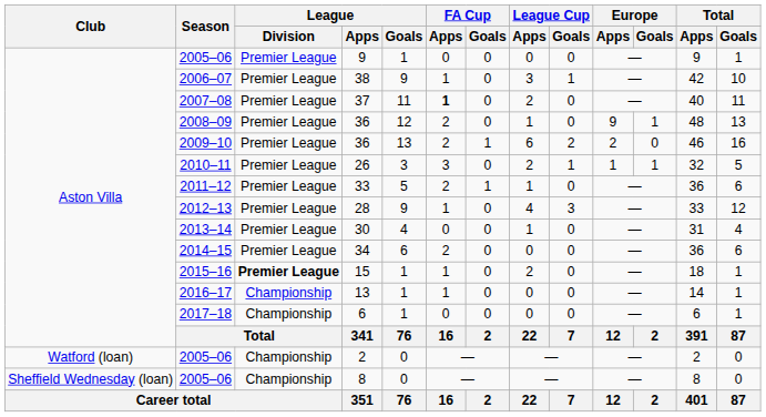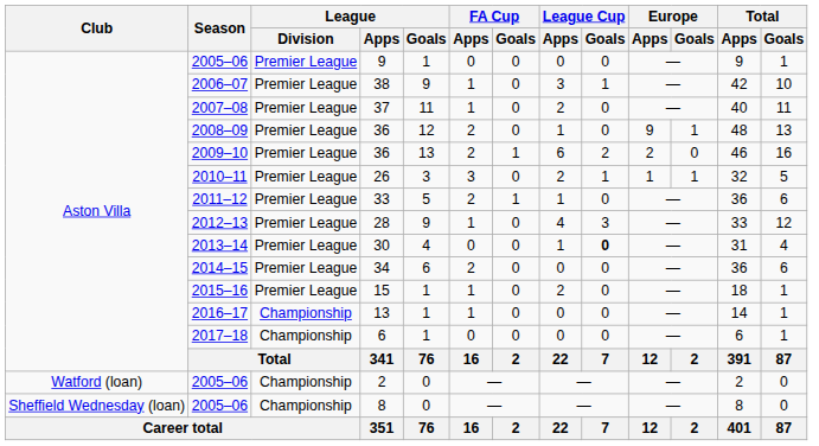 <table class=wikitable style=text-align:center>
 <tr>
 <th rowspan=2>Club</th>
 <th rowspan=2>Season</th>
 <th colspan=3>League</th>
 <th colspan=2><a href='#'>FA Cup</a></th>
 <th colspan=2><a href='#'>League Cup</a></th>
 <th colspan=2>Europe</th>
 <th colspan=2>Total</th>
 </tr>
 <tr>
 <th>Division</th>
 <th>Apps</th>
 <th>Goals</th>
 <th>Apps</th>
 <th>Goals</th>
 <th>Apps</th>
 <th>Goals</th>
 <th>Apps</th>
 <th>Goals</th>
 <th>Apps</th>
 <th>Goals</th>
 </tr>
 <tr>
 <td rowspan=14><a href='#'>Aston Villa</a></td>
 <td><a href='#'>2005–06</a></td>
 <td><a href='#'>Premier League</a></td>
 <td>9</td>
 <td>1</td>
 <td>0</td>
 <td>0</td>
 <td>0</td>
 <td>0</td>
 <td colspan=2>—</td>
 <td>9</td>
 <td>1</td>
 </tr>
 <tr>
 <td><a href='#'>2006–07</a></td>
 <td>Premier League</td>
 <td>38</td>
 <td>9</td>
 <td>1</td>
 <td>0</td>
 <td>3</td>
 <td>1</td>
 <td colspan=2>—</td>
 <td>42</td>
 <td>10</td>
 </tr>
 <tr>
 <td><a href='#'>2007–08</a></td>
 <td>Premier League</td>
 <td>37</td>
 <td>11</td>
-<td><strong>1</strong></td>
+<td>1</td>
 <td>0</td>
 <td>2</td>
 <td>0</td>
 <td colspan=2>—</td>
 <td>40</td>
 <td>11</td>
 </tr>
 <tr>
 <td><a href='#'>2008–09</a></td>
 <td>Premier League</td>
 <td>36</td>
 <td>12</td>
 <td>2</td>
 <td>0</td>
 <td>1</td>
 <td>0</td>
 <td>9</td>
 <td>1</td>
 <td>48</td>
 <td>13</td>
 </tr>
 <tr>
 <td><a href='#'>2009–10</a></td>
 <td>Premier League</td>
 <td>36</td>
 <td>13</td>
 <td>2</td>
 <td>1</td>
 <td>6</td>
 <td>2</td>
 <td>2</td>
 <td>0</td>
 <td>46</td>
 <td>16</td>
 </tr>
 <tr>
 <td><a href='#'>2010–11</a></td>
 <td>Premier League</td>
 <td>26</td>
 <td>3</td>
 <td>3</td>
 <td>0</td>
 <td>2</td>
 <td>1</td>
 <td>1</td>
 <td>1</td>
 <td>32</td>
 <td>5</td>
 </tr>
 <tr>
 <td><a href='#'>2011–12</a></td>
 <td>Premier League</td>
 <td>33</td>
 <td>5</td>
 <td>2</td>
 <td>1</td>
 <td>1</td>
 <td>0</td>
 <td colspan=2>—</td>
 <td>36</td>
 <td>6</td>
 </tr>
 <tr>
 <td><a href='#'>2012–13</a></td>
 <td>Premier League</td>
 <td>28</td>
 <td>9</td>
 <td>1</td>
 <td>0</td>
 <td>4</td>
 <td>3</td>
 <td colspan=2>—</td>
 <td>33</td>
 <td>12</td>
 </tr>
 <tr>
 <td><a href='#'>2013–14</a></td>
 <td>Premier League</td>
 <td>30</td>
 <td>4</td>
 <td>0</td>
 <td>0</td>
 <td>1</td>
-<td>0</td>
+<td><strong>0</strong></td>
 <td colspan=2>—</td>
 <td>31</td>
 <td>4</td>
 </tr>
 <tr>
 <td><a href='#'>2014–15</a></td>
 <td>Premier League</td>
 <td>34</td>
 <td>6</td>
 <td>2</td>
 <td>0</td>
 <td>0</td>
 <td>0</td>
 <td colspan=2>—</td>
 <td>36</td>
 <td>6</td>
 </tr>
 <tr>
 <td><a href='#'>2015–16</a></td>
-<td><strong>Premier League</strong></td>
+<td>Premier League</td>
 <td>15</td>
 <td>1</td>
 <td>1</td>
 <td>0</td>
 <td>2</td>
 <td>0</td>
 <td colspan=2>—</td>
 <td>18</td>
 <td>1</td>
 </tr>
 <tr>
 <td><a href='#'>2016–17</a></td>
 <td><a href='#'>Championship</a></td>
 <td>13</td>
 <td>1</td>
 <td>1</td>
 <td>0</td>
 <td>0</td>
 <td>0</td>
 <td colspan=2>—</td>
 <td>14</td>
 <td>1</td>
 </tr>
 <tr>
 <td><a href='#'>2017–18</a></td>
 <td>Championship</td>
 <td>6</td>
 <td>1</td>
 <td>0</td>
 <td>0</td>
 <td>0</td>
 <td>0</td>
 <td colspan=2>—</td>
 <td>6</td>
 <td>1</td>
 </tr>
 <tr>
 <th colspan=2>Total</th>
 <th>341</th>
 <th>76</th>
 <th>16</th>
 <th>2</th>
 <th>22</th>
 <th>7</th>
 <th>12</th>
 <th>2</th>
 <th>391</th>
 <th>87</th>
 </tr>
 <tr>
 <td><a href='#'>Watford</a> (loan)</td>
 <td><a href='#'>2005–06</a></td>
 <td>Championship</td>
 <td>2</td>
 <td>0</td>
 <td colspan=2>—</td>
 <td colspan=2>—</td>
 <td colspan=2>—</td>
 <td>2</td>
 <td>0</td>
 </tr>
 <tr>
 <td><a href='#'>Sheffield Wednesday</a> (loan)</td>
 <td><a href='#'>2005–06</a></td>
 <td>Championship</td>
 <td>8</td>
 <td>0</td>
 <td colspan=2>—</td>
 <td colspan=2>—</td>
 <td colspan=2>—</td>
 <td>8</td>
 <td>0</td>
 </tr>
 <tr>
 <th colspan=3>Career total</th>
 <th>351</th>
 <th>76</th>
 <th>16</th>
 <th>2</th>
 <th>22</th>
 <th>7</th>
 <th>12</th>
 <th>2</th>
 <th>401</th>
 <th>87</th>
 </tr>
 </table>
